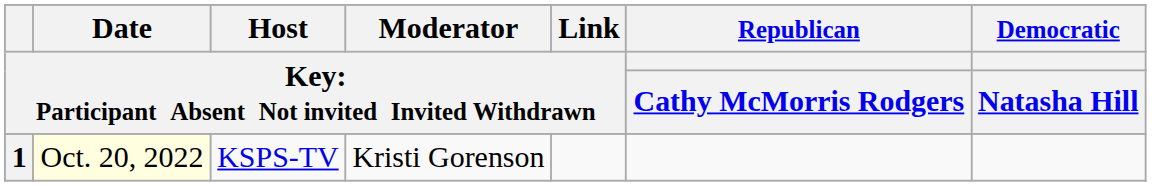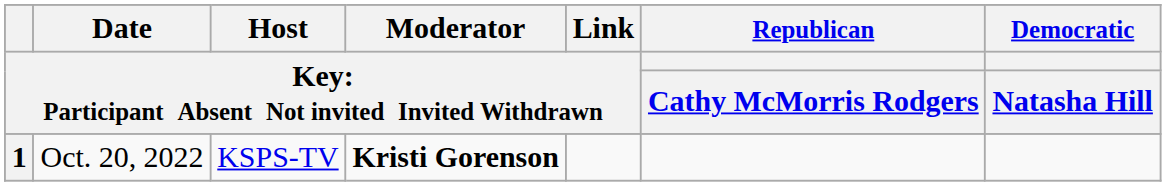 <table class="wikitable" style="text-align:center;">
 <tr>
 <th scope="col"></th>
 <th scope="col">Date</th>
 <th scope="col">Host</th>
 <th scope="col">Moderator</th>
 <th scope="col">Link</th>
 <th scope="col"><small><a href='#'>Republican</a></small></th>
 <th scope="col"><small><a href='#'>Democratic</a></small></th>
 </tr>
 <tr>
 <th colspan="5" rowspan="2">Key:<br> <small>Participant </small>  <small>Absent </small>  <small>Not invited </small>  <small>Invited  Withdrawn</small></th>
 <th scope="col" style="background:"></th>
 <th scope="col" style="background:"></th>
 </tr>
 <tr>
 <th scope="col"><a href='#'>Cathy McMorris Rodgers</a></th>
 <th scope="col"><a href='#'>Natasha Hill</a></th>
 </tr>
 <tr>
 <th>1</th>
-<td style="background: lightyellow; white-space:nowrap;">Oct. 20, 2022</td>
+<td style="white-space:nowrap;">Oct. 20, 2022</td>
 <td style="white-space:nowrap;"><a href='#'>KSPS-TV</a></td>
-<td style="white-space:nowrap;">Kristi Gorenson</td>
+<td style="white-space:nowrap;"><strong>Kristi Gorenson</strong></td>
 <td style="white-space:nowrap;"></td>
 <td></td>
 <td></td>
 </tr>
 </table>
